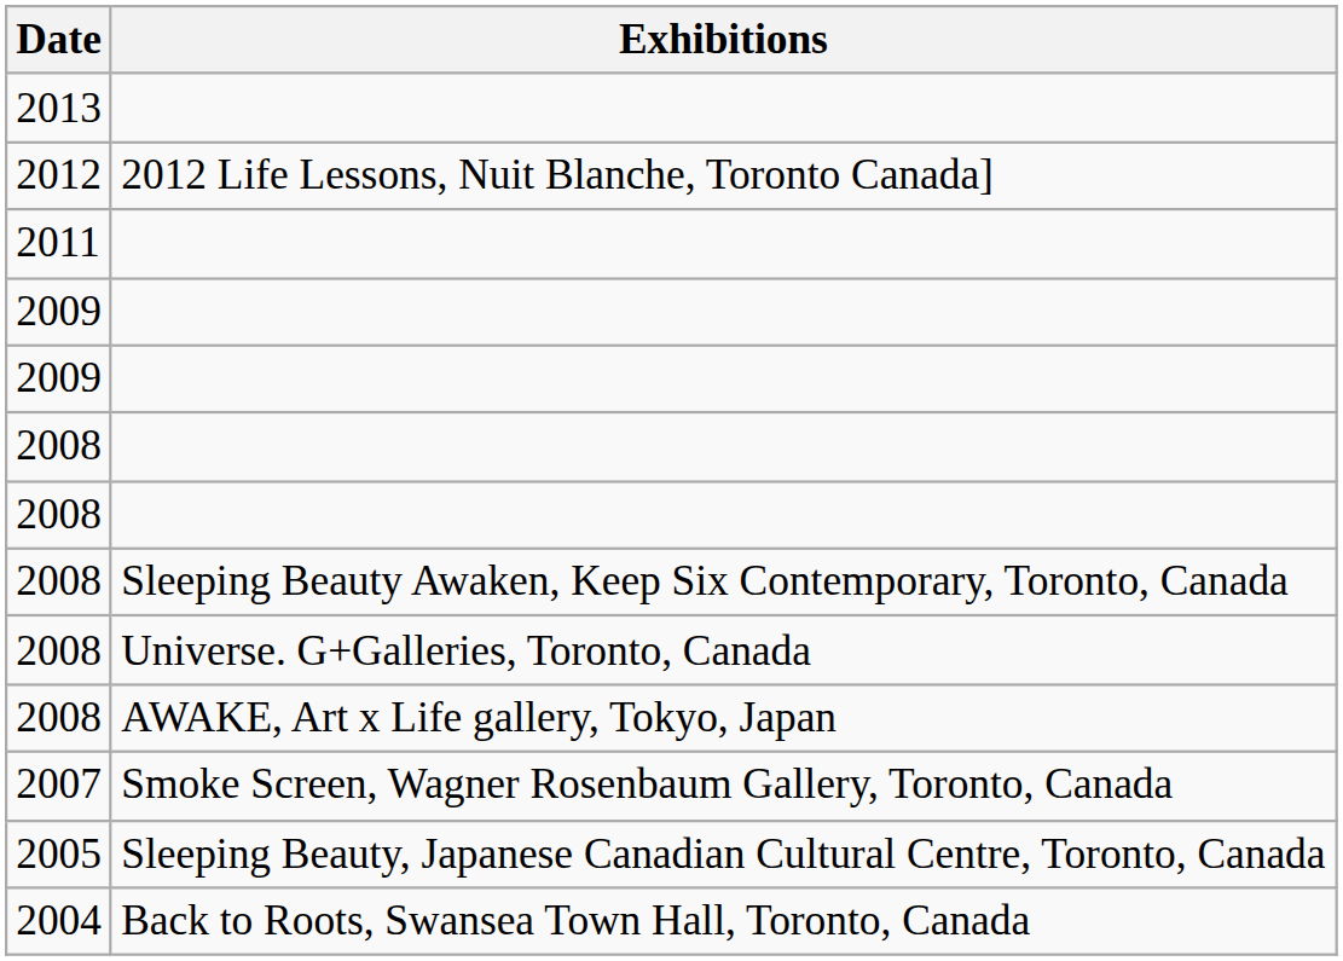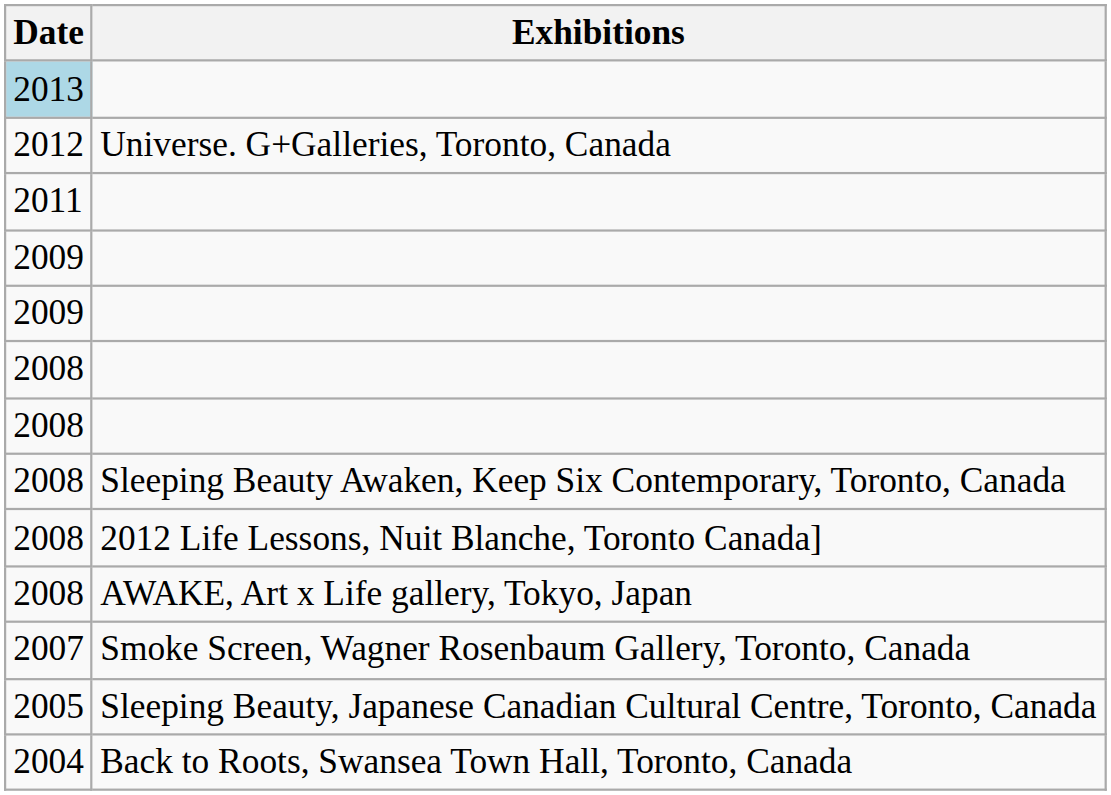 <table class="wikitable sortable">
 <tr>
 <th scope="col">Date</th>
 <th scope="col">Exhibitions</th>
 </tr>
 <tr>
-<td>2013</td>
+<td style="background: lightblue;">2013</td>
 <td></td>
 </tr>
 <tr>
 <td>2012</td>
-<td> 2012 Life Lessons, Nuit Blanche, Toronto Canada]</td>
+<td>Universe. G+Galleries, Toronto, Canada</td>
 </tr>
 <tr>
 <td>2011</td>
 <td></td>
 </tr>
 <tr>
 <td>2009</td>
 <td></td>
 </tr>
 <tr>
 <td>2009</td>
 <td></td>
 </tr>
 <tr>
 <td>2008</td>
 <td></td>
 </tr>
 <tr>
 <td>2008</td>
 <td></td>
 </tr>
 <tr>
 <td>2008</td>
 <td>Sleeping Beauty Awaken, Keep Six Contemporary, Toronto, Canada</td>
 </tr>
 <tr>
 <td>2008</td>
-<td>Universe. G+Galleries, Toronto, Canada</td>
+<td> 2012 Life Lessons, Nuit Blanche, Toronto Canada]</td>
 </tr>
 <tr>
 <td>2008</td>
 <td>AWAKE, Art x Life gallery, Tokyo, Japan</td>
 </tr>
 <tr>
 <td>2007</td>
 <td>Smoke Screen, Wagner Rosenbaum Gallery, Toronto, Canada</td>
 </tr>
 <tr>
 <td>2005</td>
 <td>Sleeping Beauty, Japanese Canadian Cultural Centre, Toronto, Canada</td>
 </tr>
 <tr>
 <td>2004</td>
 <td>Back to Roots, Swansea Town Hall, Toronto, Canada</td>
 </tr>
 </table>
